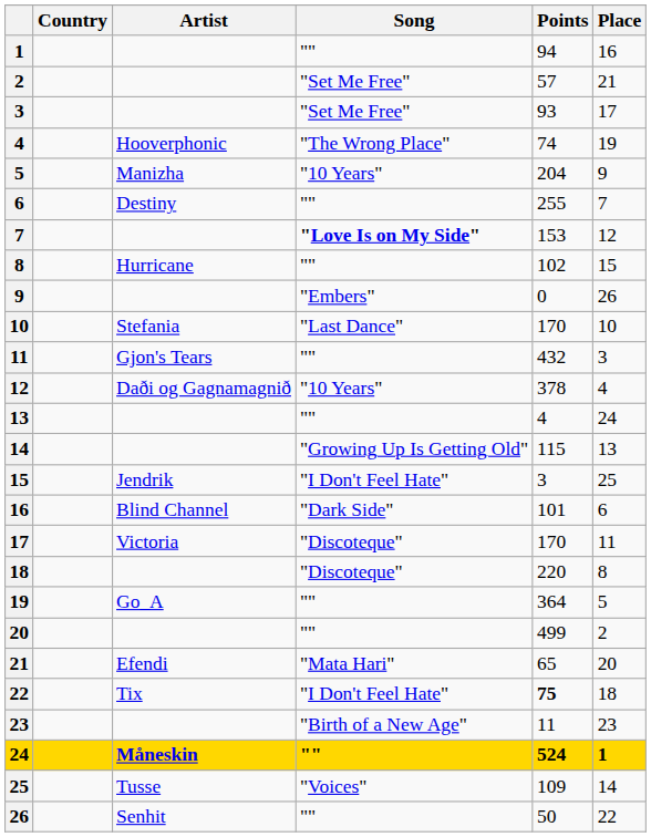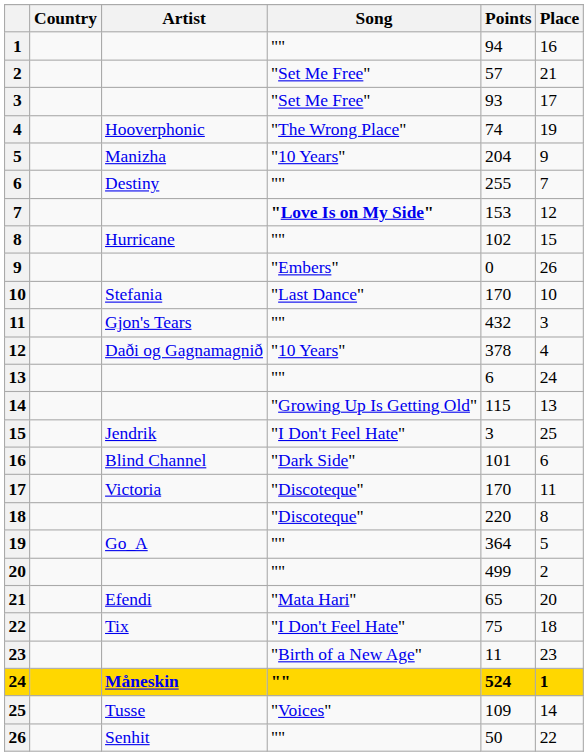 <table class="wikitable sortable plainrowheaders">
 <tr>
 </tr>
 <tr>
 <th scope="col"></th>
 <th scope="col">Country</th>
 <th scope="col">Artist</th>
 <th scope="col">Song</th>
 <th scope="col">Points</th>
 <th scope="col">Place</th>
 </tr>
 <tr>
 <th scope="row" style="text-align:center;">1</th>
 <td></td>
 <td></td>
 <td>""</td>
 <td>94</td>
 <td>16</td>
 </tr>
 <tr>
 <th scope="row" style="text-align:center;">2</th>
 <td></td>
 <td></td>
 <td>"<a href='#'>Set Me Free</a>"</td>
 <td>57</td>
 <td>21</td>
 </tr>
 <tr>
 <th scope="row" style="text-align:center;">3</th>
 <td></td>
 <td></td>
 <td>"<a href='#'>Set Me Free</a>"</td>
 <td>93</td>
 <td>17</td>
 </tr>
 <tr>
 <th scope="row" style="text-align:center;">4</th>
 <td></td>
 <td><a href='#'>Hooverphonic</a></td>
 <td>"<a href='#'>The Wrong Place</a>"</td>
 <td>74</td>
 <td>19</td>
 </tr>
 <tr>
 <th scope="row" style="text-align:center;">5</th>
 <td></td>
 <td><a href='#'>Manizha</a></td>
 <td>"<a href='#'>10 Years</a>"</td>
 <td>204</td>
 <td>9</td>
 </tr>
 <tr>
 <th scope="row" style="text-align:center;">6</th>
 <td></td>
 <td><a href='#'>Destiny</a></td>
 <td>""</td>
 <td>255</td>
 <td>7</td>
 </tr>
 <tr>
 <th scope="row" style="text-align:center;">7</th>
 <td></td>
 <td></td>
 <td><strong>"<a href='#'>Love Is on My Side</a>"</strong></td>
 <td>153</td>
 <td>12</td>
 </tr>
 <tr>
 <th scope="row" style="text-align:center;">8</th>
 <td></td>
 <td><a href='#'>Hurricane</a></td>
 <td>""</td>
 <td>102</td>
 <td>15</td>
 </tr>
 <tr>
 <th scope="row" style="text-align:center;">9</th>
 <td></td>
 <td></td>
 <td>"<a href='#'>Embers</a>"</td>
 <td>0</td>
 <td>26</td>
 </tr>
 <tr>
 <th scope="row" style="text-align:center;">10</th>
 <td></td>
 <td><a href='#'>Stefania</a></td>
 <td>"<a href='#'>Last Dance</a>"</td>
 <td>170</td>
 <td>10</td>
 </tr>
 <tr>
 <th scope="row" style="text-align:center;">11</th>
 <td></td>
 <td><a href='#'>Gjon's Tears</a></td>
 <td>""</td>
 <td>432</td>
 <td>3</td>
 </tr>
 <tr>
 <th scope="row" style="text-align:center;">12</th>
 <td></td>
 <td><a href='#'>Daði og Gagnamagnið</a></td>
 <td>"<a href='#'>10 Years</a>"</td>
 <td>378</td>
 <td>4</td>
 </tr>
 <tr>
 <th scope="row" style="text-align:center;">13</th>
 <td></td>
 <td></td>
 <td>""</td>
-<td>4</td>
+<td>6</td>
 <td>24</td>
 </tr>
 <tr>
 <th scope="row" style="text-align:center;">14</th>
 <td></td>
 <td></td>
 <td>"<a href='#'>Growing Up Is Getting Old</a>"</td>
 <td>115</td>
 <td>13</td>
 </tr>
 <tr>
 <th scope="row" style="text-align:center;">15</th>
 <td></td>
 <td><a href='#'>Jendrik</a></td>
 <td>"<a href='#'>I Don't Feel Hate</a>"</td>
 <td>3</td>
 <td>25</td>
 </tr>
 <tr>
 <th scope="row" style="text-align:center;">16</th>
 <td></td>
 <td><a href='#'>Blind Channel</a></td>
 <td>"<a href='#'>Dark Side</a>"</td>
 <td>101</td>
 <td>6</td>
 </tr>
 <tr>
 <th scope="row" style="text-align:center;">17</th>
 <td></td>
 <td><a href='#'>Victoria</a></td>
 <td>"<a href='#'>Discoteque</a>"</td>
 <td>170</td>
 <td>11</td>
 </tr>
 <tr>
 <th scope="row" style="text-align:center;">18</th>
 <td></td>
 <td></td>
 <td>"<a href='#'>Discoteque</a>"</td>
 <td>220</td>
 <td>8</td>
 </tr>
 <tr>
 <th scope="row" style="text-align:center;">19</th>
 <td></td>
 <td><a href='#'>Go_A</a></td>
 <td>""</td>
 <td>364</td>
 <td>5</td>
 </tr>
 <tr>
 <th scope="row" style="text-align:center;">20</th>
 <td></td>
 <td></td>
 <td>""</td>
 <td>499</td>
 <td>2</td>
 </tr>
 <tr>
 <th scope="row" style="text-align:center;">21</th>
 <td></td>
 <td><a href='#'>Efendi</a></td>
 <td>"<a href='#'>Mata Hari</a>"</td>
 <td>65</td>
 <td>20</td>
 </tr>
 <tr>
 <th scope="row" style="text-align:center;">22</th>
 <td></td>
 <td><a href='#'>Tix</a></td>
 <td>"<a href='#'>I Don't Feel Hate</a>"</td>
-<td><strong>75</strong></td>
+<td>75</td>
 <td>18</td>
 </tr>
 <tr>
 <th scope="row" style="text-align:center;">23</th>
 <td></td>
 <td></td>
 <td>"<a href='#'>Birth of a New Age</a>"</td>
 <td>11</td>
 <td>23</td>
 </tr>
 <tr style="font-weight:bold; background:gold;">
 <th scope="row" style="text-align:center; font-weight:bold; background:gold">24</th>
 <td></td>
 <td><a href='#'>Måneskin</a></td>
 <td>""</td>
 <td>524</td>
 <td>1</td>
 </tr>
 <tr>
 <th scope="row" style="text-align:center;">25</th>
 <td></td>
 <td><a href='#'>Tusse</a></td>
 <td>"<a href='#'>Voices</a>"</td>
 <td>109</td>
 <td>14</td>
 </tr>
 <tr>
 <th scope="row" style="text-align:center;">26</th>
 <td></td>
 <td><a href='#'>Senhit</a></td>
 <td>""</td>
 <td>50</td>
 <td>22</td>
 </tr>
 </table>
